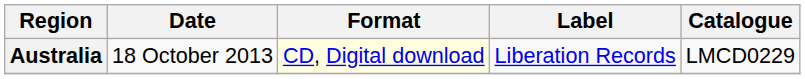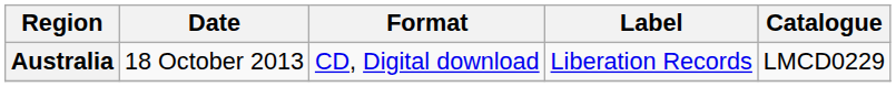 <table class="wikitable plainrowheaders">
 <tr>
 <th scope="col">Region</th>
 <th scope="col">Date</th>
 <th scope="col">Format</th>
 <th scope="col">Label</th>
 <th scope="col">Catalogue</th>
 </tr>
 <tr>
 <th scope="row">Australia</th>
 <td>18 October 2013</td>
-<td style="background: lightyellow;"><a href='#'>CD</a>, <a href='#'>Digital download</a></td>
+<td><a href='#'>CD</a>, <a href='#'>Digital download</a></td>
 <td><a href='#'>Liberation Records</a></td>
 <td>LMCD0229</td>
 </tr>
 <tr>
 </tr>
 </table>
